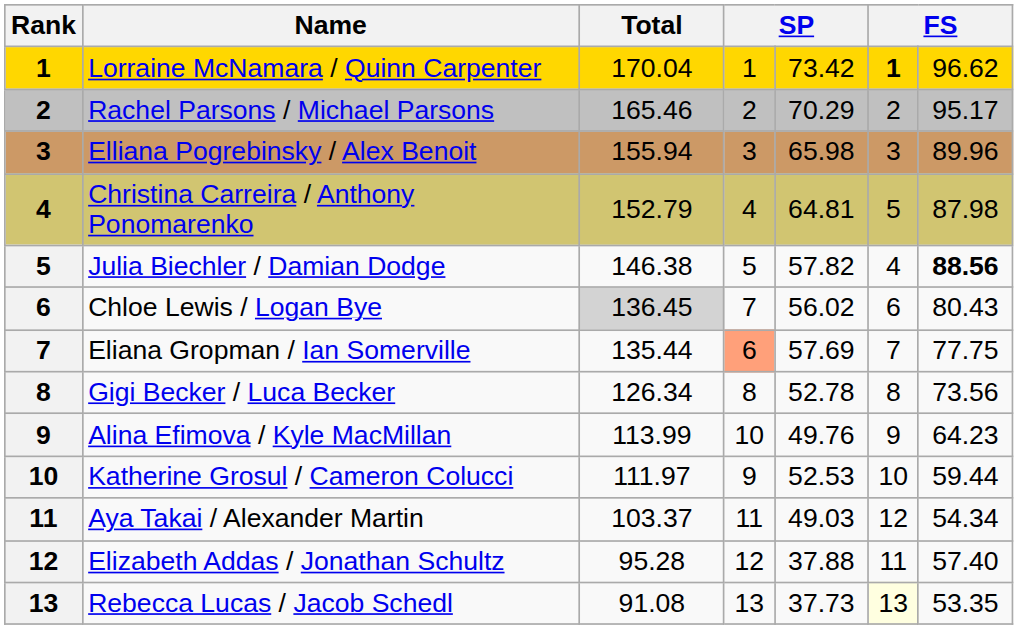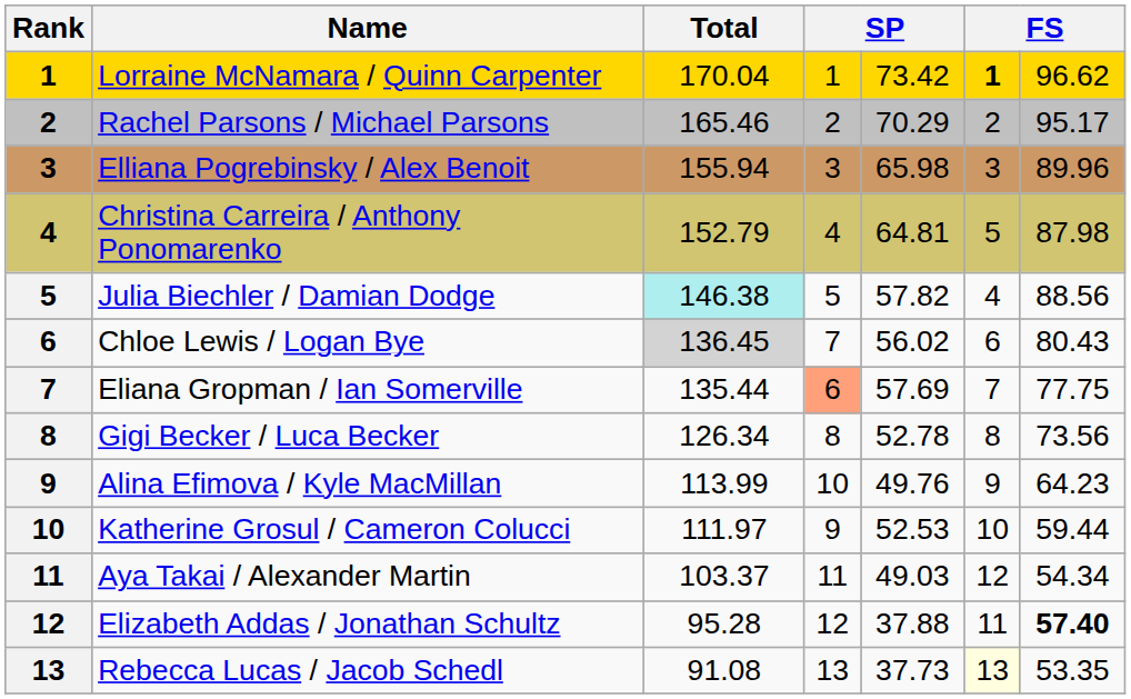 <table class="wikitable sortable">
 <tr>
 <th>Rank</th>
 <th>Name</th>
 <th width="80px">Total</th>
 <th colspan="2" width="80px"><a href='#'>SP</a></th>
 <th colspan="2" width="80px"><a href='#'>FS</a></th>
 </tr>
 <tr bgcolor="gold">
 <td align="center"><strong>1</strong></td>
 <td><a href='#'>Lorraine McNamara</a> / <a href='#'>Quinn Carpenter</a></td>
 <td align="center">170.04</td>
 <td align="center">1</td>
 <td align="center">73.42</td>
 <td align="center"><strong>1</strong></td>
 <td align="center">96.62</td>
 </tr>
 <tr bgcolor="silver">
 <td align="center"><strong>2</strong></td>
 <td><a href='#'>Rachel Parsons</a> / <a href='#'>Michael Parsons</a></td>
 <td align="center">165.46</td>
 <td align="center">2</td>
 <td align="center">70.29</td>
 <td align="center">2</td>
 <td align="center">95.17</td>
 </tr>
 <tr bgcolor="cc9966">
 <td align="center"><strong>3</strong></td>
 <td><a href='#'>Elliana Pogrebinsky</a> / <a href='#'>Alex Benoit</a></td>
 <td align="center">155.94</td>
 <td align="center">3</td>
 <td align="center">65.98</td>
 <td align="center">3</td>
 <td align="center">89.96</td>
 </tr>
 <tr bgcolor="#d1c571">
 <td align="center"><strong>4</strong></td>
 <td><a href='#'>Christina Carreira</a> / <a href='#'>Anthony Ponomarenko</a></td>
 <td align="center">152.79</td>
 <td align="center">4</td>
 <td align="center">64.81</td>
 <td align="center">5</td>
 <td align="center">87.98</td>
 </tr>
 <tr>
 <th>5</th>
 <td><a href='#'>Julia Biechler</a> / <a href='#'>Damian Dodge</a></td>
-<td align="center">146.38</td>
+<td align="center" style="background: paleturquoise;">146.38</td>
 <td align="center">5</td>
 <td align="center">57.82</td>
 <td align="center">4</td>
-<td align="center"><strong>88.56</strong></td>
+<td align="center">88.56</td>
 </tr>
 <tr>
 <th>6</th>
 <td>Chloe Lewis / <a href='#'>Logan Bye</a></td>
 <td align="center" style="background: lightgrey;">136.45</td>
 <td align="center">7</td>
 <td align="center">56.02</td>
 <td align="center">6</td>
 <td align="center">80.43</td>
 </tr>
 <tr>
 <th>7</th>
 <td>Eliana Gropman / <a href='#'>Ian Somerville</a></td>
 <td align="center">135.44</td>
 <td align="center" style="background: lightsalmon;">6</td>
 <td align="center">57.69</td>
 <td align="center">7</td>
 <td align="center">77.75</td>
 </tr>
 <tr>
 <th>8</th>
 <td><a href='#'>Gigi Becker</a> / <a href='#'>Luca Becker</a></td>
 <td align="center">126.34</td>
 <td align="center">8</td>
 <td align="center">52.78</td>
 <td align="center">8</td>
 <td align="center">73.56</td>
 </tr>
 <tr>
 <th>9</th>
 <td><a href='#'>Alina Efimova</a> / <a href='#'>Kyle MacMillan</a></td>
 <td align="center">113.99</td>
 <td align="center">10</td>
 <td align="center">49.76</td>
 <td align="center">9</td>
 <td align="center">64.23</td>
 </tr>
 <tr>
 <th>10</th>
 <td><a href='#'>Katherine Grosul</a> / <a href='#'>Cameron Colucci</a></td>
 <td align="center">111.97</td>
 <td align="center">9</td>
 <td align="center">52.53</td>
 <td align="center">10</td>
 <td align="center">59.44</td>
 </tr>
 <tr>
 <th>11</th>
 <td><a href='#'>Aya Takai</a> / Alexander Martin</td>
 <td align="center">103.37</td>
 <td align="center">11</td>
 <td align="center">49.03</td>
 <td align="center">12</td>
 <td align="center">54.34</td>
 </tr>
 <tr>
 <th>12</th>
 <td><a href='#'>Elizabeth Addas</a> / <a href='#'>Jonathan Schultz</a></td>
 <td align="center">95.28</td>
 <td align="center">12</td>
 <td align="center">37.88</td>
 <td align="center">11</td>
-<td align="center">57.40</td>
+<td align="center"><strong>57.40</strong></td>
 </tr>
 <tr>
 <th>13</th>
 <td><a href='#'>Rebecca Lucas</a> / <a href='#'>Jacob Schedl</a></td>
 <td align="center">91.08</td>
 <td align="center">13</td>
 <td align="center">37.73</td>
 <td align="center" style="background: lightyellow;">13</td>
 <td align="center">53.35</td>
 </tr>
 </table>
